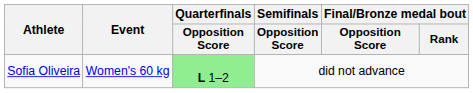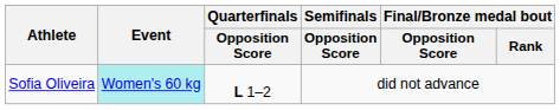 <table class="wikitable" style="font-size:90%">
 <tr>
 <th rowspan=2>Athlete</th>
 <th rowspan=2>Event</th>
 <th>Quarterfinals</th>
 <th>Semifinals</th>
 <th colspan=2>Final/Bronze medal bout</th>
 </tr>
 <tr style="font-size:95%">
 <th>Opposition<br>Score</th>
 <th>Opposition<br>Score</th>
 <th>Opposition<br>Score</th>
 <th>Rank</th>
 </tr>
 <tr align=center>
 <td align=left><a href='#'>Sofia Oliveira</a></td>
-<td align=left><a href='#'>Women's 60 kg</a></td>
-<td style="background: lightgreen;"><br> <strong>L</strong> 1–2</td>
+<td align=left style="background: paleturquoise;"><a href='#'>Women's 60 kg</a></td>
+<td><br> <strong>L</strong> 1–2</td>
 <td colspan=3>did not advance</td>
 </tr>
 </table>
